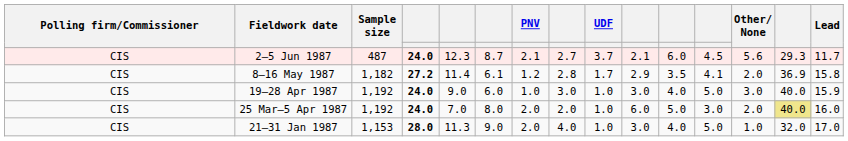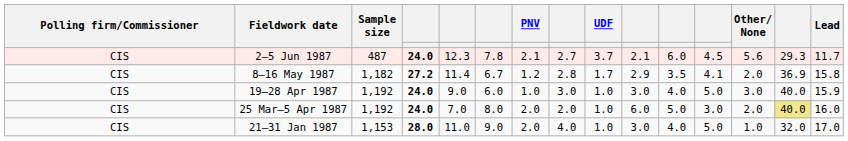 <table class="wikitable collapsible collapsed" style="text-align:center; font-size:90%; line-height:14px;">
 <tr style="height:42px;">
 <th style="width:250px;" rowspan="2">Polling firm/Commissioner</th>
 <th style="width:125px;" rowspan="2">Fieldwork date</th>
 <th style="width:50px;" rowspan="2">Sample size</th>
 <th style="width:35px;"></th>
 <th style="width:35px;"></th>
 <th style="width:35px;"></th>
 <th style="width:35px;"><a href='#'>PNV</a></th>
 <th style="width:35px;"></th>
 <th style="width:35px;"><a href='#'>UDF</a></th>
 <th style="width:35px;"></th>
 <th style="width:35px;"></th>
 <th style="width:35px;"></th>
 <th style="width:35px;" rowspan="2">Other/<br>None</th>
 <th style="width:35px;" rowspan="2"></th>
 <th style="width:30px;" rowspan="2">Lead</th>
 </tr>
 <tr>
 <th style="color:inherit;background:"></th>
 <th style="color:inherit;background:"></th>
 <th style="color:inherit;background:"></th>
 <th style="color:inherit;background:"></th>
 <th style="color:inherit;background:"></th>
 <th style="color:inherit;background:"></th>
 <th style="color:inherit;background:"></th>
 <th style="color:inherit;background:"></th>
 <th style="color:inherit;background:"></th>
 </tr>
 <tr style="background:#FFEAEA;">
 <td>CIS</td>
 <td>2–5 Jun 1987</td>
 <td>487</td>
 <td><strong>24.0</strong></td>
 <td>12.3</td>
-<td>8.7</td>
+<td>7.8</td>
 <td>2.1</td>
 <td>2.7</td>
 <td>3.7</td>
 <td>2.1</td>
 <td>6.0</td>
 <td>4.5</td>
 <td>5.6</td>
 <td>29.3</td>
 <td style="background:">11.7</td>
 </tr>
 <tr>
 <td>CIS</td>
 <td>8–16 May 1987</td>
 <td>1,182</td>
 <td><strong>27.2</strong></td>
 <td>11.4</td>
-<td>6.1</td>
+<td>6.7</td>
 <td>1.2</td>
 <td>2.8</td>
 <td>1.7</td>
 <td>2.9</td>
 <td>3.5</td>
 <td>4.1</td>
 <td>2.0</td>
 <td>36.9</td>
 <td style="background:">15.8</td>
 </tr>
 <tr>
 <td>CIS</td>
 <td>19–28 Apr 1987</td>
 <td>1,192</td>
 <td><strong>24.0</strong></td>
 <td>9.0</td>
 <td>6.0</td>
 <td>1.0</td>
 <td>3.0</td>
 <td>1.0</td>
 <td>3.0</td>
 <td>4.0</td>
 <td>5.0</td>
 <td>3.0</td>
 <td>40.0</td>
 <td style="background:">15.9</td>
 </tr>
 <tr>
 <td>CIS</td>
 <td>25 Mar–5 Apr 1987</td>
 <td>1,192</td>
 <td><strong>24.0</strong></td>
 <td>7.0</td>
 <td>8.0</td>
 <td>2.0</td>
 <td>2.0</td>
 <td>1.0</td>
 <td>6.0</td>
 <td>5.0</td>
 <td>3.0</td>
 <td>2.0</td>
 <td style="background: khaki;">40.0</td>
 <td style="background:">16.0</td>
 </tr>
 <tr>
 <td>CIS</td>
 <td>21–31 Jan 1987</td>
 <td>1,153</td>
 <td><strong>28.0</strong></td>
-<td>11.3</td>
+<td>11.0</td>
 <td>9.0</td>
 <td>2.0</td>
 <td>4.0</td>
 <td>1.0</td>
 <td>3.0</td>
 <td>4.0</td>
 <td>5.0</td>
 <td>1.0</td>
 <td>32.0</td>
 <td style="background:">17.0</td>
 </tr>
 </table>
